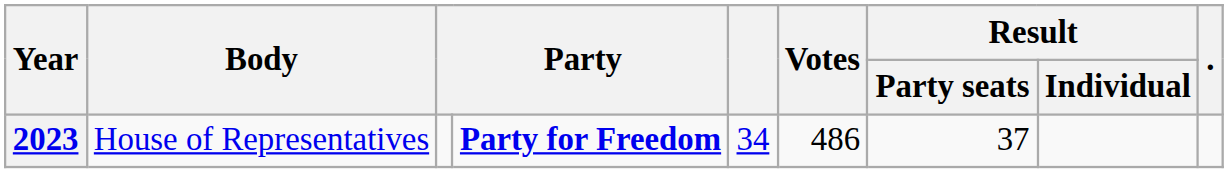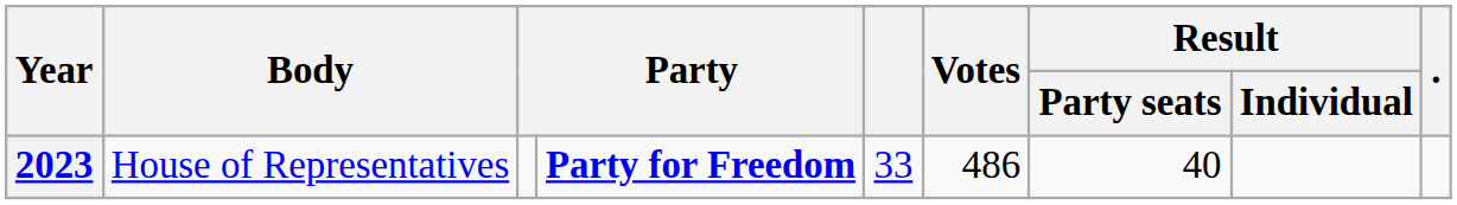 <table class="wikitable plainrowheaders sortable" border=2 cellpadding=4 cellspacing=0 style="border: 1px #aaa solid; font-size: 90%; text-align:center;">
 <tr>
 <th scope="col" rowspan=2>Year</th>
 <th scope="col" rowspan=2>Body</th>
 <th scope="col" colspan=2 rowspan=2>Party</th>
 <th scope="col" rowspan=2></th>
 <th scope="col" rowspan=2>Votes</th>
 <th scope="colgroup" colspan=2>Result</th>
 <th scope="col" rowspan=2 class="unsortable">.</th>
 </tr>
 <tr>
 <th scope="col">Party seats</th>
 <th scope="col">Individual</th>
 </tr>
 <tr>
 <th scope="row"><a href='#'>2023</a></th>
 <td><a href='#'>House of Representatives</a></td>
 <td style="background-color:"></td>
 <td><strong><a href='#'>Party for Freedom</a></strong></td>
-<td style=text-align:right><a href='#'>34</a></td>
+<td style=text-align:right><a href='#'>33</a></td>
 <td style=text-align:right>486</td>
-<td style=text-align:right>37</td>
+<td style=text-align:right>40</td>
 <td></td>
 <td></td>
 </tr>
 </table>
